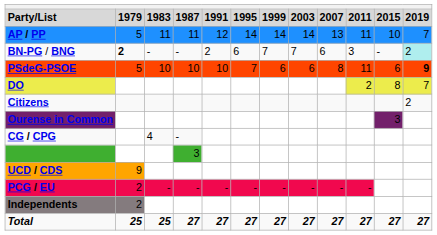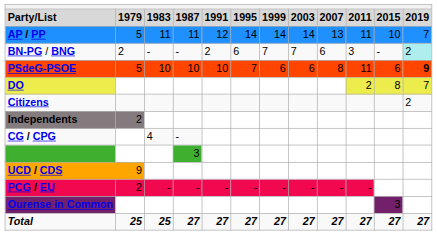 <table class="wikitable" style="margin:0 auto">
 <tr>
 <th colspan="12" width="600px" bgcolor="#C0C0C0"></th>
 </tr>
 <tr bgcolor="#D8D8D8">
 <td><strong>Party/List</strong></td>
 <td align="right"><strong>1979</strong></td>
 <td align="right"><strong>1983</strong></td>
 <td align="right"><strong>1987</strong></td>
 <td align="right"><strong>1991</strong></td>
 <td align="right"><strong>1995</strong></td>
 <td align="right"><strong>1999</strong></td>
 <td align="right"><strong>2003</strong></td>
 <td align="right"><strong>2007</strong></td>
 <td align="right"><strong>2011</strong></td>
 <td align="right"><strong>2015</strong></td>
 <td align="right"><strong>2019</strong></td>
 </tr>
 <tr>
 <td bgcolor="#1E90FF"><strong><a href='#'>AP</a> / <a href='#'>PP</a></strong></td>
 <td bgcolor="#1E90FF" align="right">5</td>
 <td bgcolor="#1E90FF" align="right">11</td>
 <td bgcolor="#1E90FF" align="right">11</td>
 <td bgcolor="#1E90FF" align="right">12</td>
 <td bgcolor="#1E90FF" align="right">14</td>
 <td bgcolor="#1E90FF" align="right">14</td>
 <td bgcolor="#1E90FF" align="right">14</td>
 <td bgcolor="#1E90FF" align="right">13</td>
 <td bgcolor="#1E90FF" align="right">11</td>
 <td bgcolor="#1E90FF" align="right">10</td>
 <td bgcolor="#1E90FF" align="right">7</td>
 </tr>
 <tr>
 <td><strong><a href='#'>BN-PG</a></strong> / <strong><a href='#'>BNG</a></strong></td>
-<td><strong>2</strong></td>
+<td>2</td>
 <td>-</td>
 <td>-</td>
 <td>2</td>
 <td>6</td>
 <td>7</td>
 <td>7</td>
 <td>6</td>
 <td>3</td>
 <td>-</td>
 <td style="background: paleturquoise;">2</td>
 </tr>
 <tr>
 <td bgcolor="#FF4500"><strong><a href='#'>PSdeG-PSOE</a></strong></td>
 <td bgcolor="#FF4500" align="right">5</td>
 <td bgcolor="#FF4500" align="right">10</td>
 <td bgcolor="#FF4500" align="right">10</td>
 <td bgcolor="#FF4500" align="right">10</td>
 <td bgcolor="#FF4500" align="right">7</td>
 <td bgcolor="#FF4500" align="right">6</td>
 <td bgcolor="#FF4500" align="right">6</td>
 <td bgcolor="#FF4500" align="right">8</td>
 <td bgcolor="#FF4500" align="right">11</td>
 <td bgcolor="#FF4500" align="right">6</td>
 <td bgcolor="#FF4500" align="right"><strong>9</strong></td>
 </tr>
 <tr>
 <td bgcolor="#ECEC4C"><strong><a href='#'>DO</a></strong></td>
 <td bgcolor="#FFFFFF" align="right"></td>
 <td bgcolor="#FFFFFF" align="right"></td>
 <td bgcolor="#FFFFFF" align="right"></td>
 <td bgcolor="#FFFFFF" align="right"></td>
 <td bgcolor="#FFFFFF" align="right"></td>
 <td bgcolor="#FFFFFF" align="right"></td>
 <td bgcolor="#FFFFFF" align="right"></td>
 <td bgcolor="#FFFFFF" align="right"></td>
 <td bgcolor="#ECEC4C" align="right">2</td>
 <td bgcolor="#ECEC4C" align="right">8</td>
 <td bgcolor="#ECEC4C" align="right">7</td>
 </tr>
 <tr>
 <td><strong><a href='#'>Citizens</a></strong></td>
 <td></td>
 <td></td>
 <td></td>
 <td></td>
 <td></td>
 <td></td>
 <td></td>
 <td></td>
 <td></td>
 <td></td>
 <td>2</td>
 </tr>
 <tr>
-<td bgcolor="#73206b"><strong><a href='#'>Ourense in Common</a></strong></td>
+<td bgcolor="#847b7e"><strong>Independents</strong></td>
+<td bgcolor="#847b7e" align="right">2</td>
 <td bgcolor="#FFFFFF" align="right"></td>
 <td bgcolor="#FFFFFF" align="right"></td>
 <td bgcolor="#FFFFFF" align="right"></td>
 <td bgcolor="#FFFFFF" align="right"></td>
 <td bgcolor="#FFFFFF" align="right"></td>
 <td bgcolor="#FFFFFF" align="right"></td>
 <td bgcolor="#FFFFFF" align="right"></td>
 <td bgcolor="#FFFFFF" align="right"></td>
 <td bgcolor="#FFFFFF" align="right"></td>
-<td bgcolor="#73206b" align="right">3</td>
 <td bgcolor="#FFFFFF" align="right"></td>
 </tr>
 <tr>
 <td><strong><a href='#'>CG</a> / <a href='#'>CPG</a></strong></td>
 <td bgcolor="#FFFFFF" align="right"></td>
 <td>4</td>
 <td>-</td>
 <td bgcolor="#FFFFFF" align="right"></td>
 <td bgcolor="#FFFFFF" align="right"></td>
 <td bgcolor="#FFFFFF" align="right"></td>
 <td bgcolor="#FFFFFF" align="right"></td>
 <td bgcolor="#FFFFFF" align="right"></td>
 <td bgcolor="#FFFFFF" align="right"></td>
 <td bgcolor="#FFFFFF" align="right"></td>
 <td bgcolor="#FFFFFF" align="right"></td>
 </tr>
 <tr>
 <td bgcolor="#3faf30"><strong></strong></td>
 <td bgcolor="#FFFFFF" align="right"></td>
 <td bgcolor="#FFFFFF" align="right"></td>
 <td bgcolor="#3faf30" align="right">3</td>
 <td bgcolor="#FFFFFF" align="right"></td>
 <td bgcolor="#FFFFFF" align="right"></td>
 <td bgcolor="#FFFFFF" align="right"></td>
 <td bgcolor="#FFFFFF" align="right"></td>
 <td bgcolor="#FFFFFF" align="right"></td>
 <td bgcolor="#FFFFFF" align="right"></td>
 <td bgcolor="#FFFFFF" align="right"></td>
 <td bgcolor="#FFFFFF" align="right"></td>
 </tr>
 <tr>
 <td bgcolor="#FFA500"><strong><a href='#'>UCD</a> / <a href='#'>CDS</a></strong></td>
 <td bgcolor="#FFA500" align="right">9</td>
 <td bgcolor="#FFFFFF" align="right"></td>
 <td bgcolor="#FFFFFF" align="right"></td>
 <td bgcolor="#FFFFFF" align="right"></td>
 <td bgcolor="#FFFFFF" align="right"></td>
 <td bgcolor="#FFFFFF" align="right"></td>
 <td bgcolor="#FFFFFF" align="right"></td>
 <td bgcolor="#FFFFFF" align="right"></td>
 <td bgcolor="#FFFFFF" align="right"></td>
 <td bgcolor="#FFFFFF" align="right"></td>
 <td bgcolor="#FFFFFF" align="right"></td>
 </tr>
 <tr>
 <td bgcolor="#f1084e"><strong><a href='#'>PCG</a> / <a href='#'>EU</a></strong></td>
 <td bgcolor="#f1084e" align="right">2</td>
 <td bgcolor="#f1084e" align="right">-</td>
 <td bgcolor="#f1084e" align="right">-</td>
 <td bgcolor="#f1084e" align="right">-</td>
 <td bgcolor="#f1084e" align="right">-</td>
 <td bgcolor="#f1084e" align="right">-</td>
 <td bgcolor="#f1084e" align="right">-</td>
 <td bgcolor="#f1084e" align="right">-</td>
 <td bgcolor="#f1084e" align="right">-</td>
 <td bgcolor="#FFFFFF" align="right"></td>
 <td bgcolor="#FFFFFF" align="right"></td>
 </tr>
 <tr>
-<td bgcolor="#847b7e"><strong>Independents</strong></td>
-<td bgcolor="#847b7e" align="right">2</td>
+<td bgcolor="#73206b"><strong><a href='#'>Ourense in Common</a></strong></td>
 <td bgcolor="#FFFFFF" align="right"></td>
 <td bgcolor="#FFFFFF" align="right"></td>
 <td bgcolor="#FFFFFF" align="right"></td>
 <td bgcolor="#FFFFFF" align="right"></td>
 <td bgcolor="#FFFFFF" align="right"></td>
 <td bgcolor="#FFFFFF" align="right"></td>
 <td bgcolor="#FFFFFF" align="right"></td>
 <td bgcolor="#FFFFFF" align="right"></td>
 <td bgcolor="#FFFFFF" align="right"></td>
+<td bgcolor="#73206b" align="right">3</td>
 <td bgcolor="#FFFFFF" align="right"></td>
 </tr>
 <tr>
 <td><strong><em>Total</em></strong></td>
 <td align="right"><strong><em>25</em></strong></td>
 <td align="right"><strong><em>25</em></strong></td>
 <td align="right"><strong><em>27</em></strong></td>
 <td align="right"><strong><em>27</em></strong></td>
 <td align="right"><strong><em>27</em></strong></td>
 <td align="right"><strong><em>27</em></strong></td>
 <td align="right"><strong><em>27</em></strong></td>
 <td align="right"><strong><em>27</em></strong></td>
 <td align="right"><strong><em>27</em></strong></td>
 <td align="right"><strong><em>27</em></strong></td>
 <td align="right"><strong><em>27</em></strong></td>
 </tr>
 </table>
